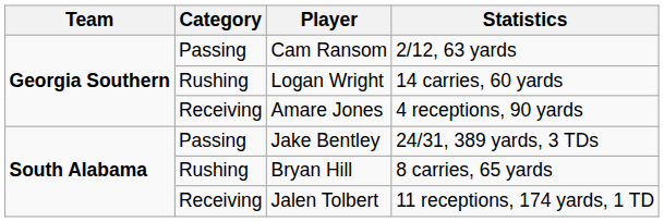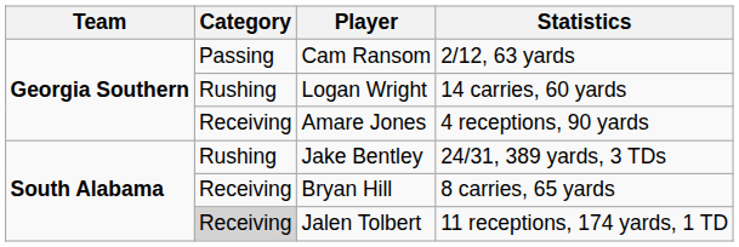 <table class="wikitable" style="float: left;">
 <tr>
 <th>Team</th>
 <th>Category</th>
 <th>Player</th>
 <th>Statistics</th>
 </tr>
 <tr>
 <td rowspan=3><strong>Georgia Southern</strong></td>
 <td>Passing</td>
 <td>Cam Ransom</td>
 <td>2/12, 63 yards</td>
 </tr>
 <tr>
 <td>Rushing</td>
 <td>Logan Wright</td>
 <td>14 carries, 60 yards</td>
 </tr>
 <tr>
 <td>Receiving</td>
 <td>Amare Jones</td>
 <td>4 receptions, 90 yards</td>
 </tr>
 <tr>
 <td rowspan=3><strong>South Alabama</strong></td>
-<td>Passing</td>
+<td>Rushing</td>
 <td>Jake Bentley</td>
 <td>24/31, 389 yards, 3 TDs</td>
 </tr>
 <tr>
-<td>Rushing</td>
+<td>Receiving</td>
 <td>Bryan Hill</td>
 <td>8 carries, 65 yards</td>
 </tr>
 <tr>
-<td>Receiving</td>
+<td style="background: lightgrey;">Receiving</td>
 <td>Jalen Tolbert</td>
 <td>11 receptions, 174 yards, 1 TD</td>
 </tr>
 </table>
